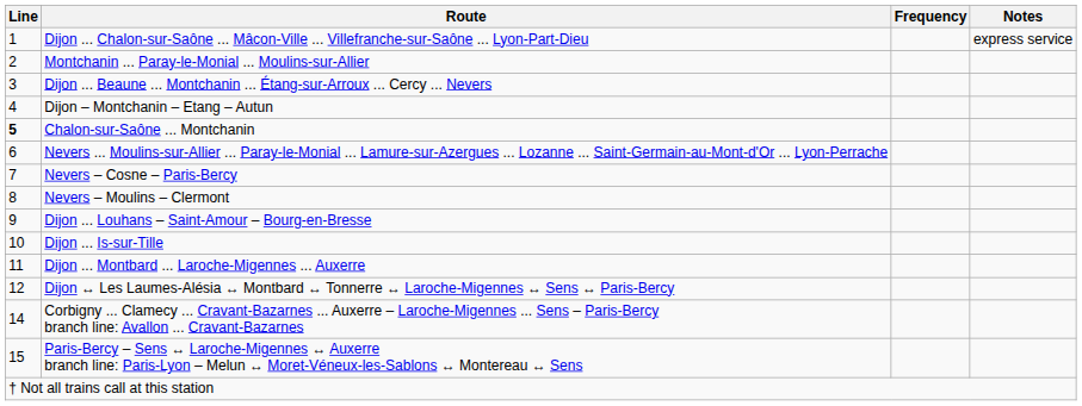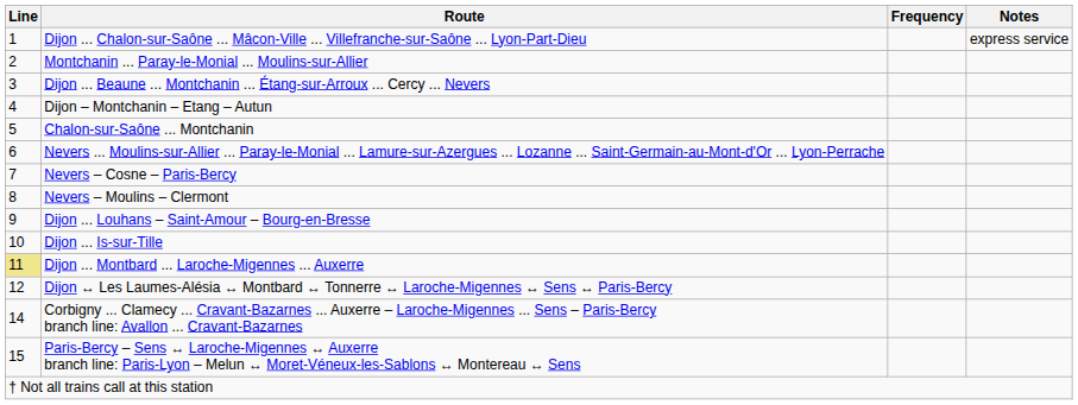 <table class="wikitable vatop">
 <tr>
 <th>Line</th>
 <th>Route</th>
 <th>Frequency</th>
 <th>Notes</th>
 </tr>
 <tr>
 <td>1</td>
 <td><a href='#'>Dijon</a> ... <a href='#'>Chalon-sur-Saône</a> ... <a href='#'>Mâcon-Ville</a> ... <a href='#'>Villefranche-sur-Saône</a> ... <a href='#'>Lyon-Part-Dieu</a></td>
 <td></td>
 <td>express service</td>
 </tr>
 <tr>
 <td>2</td>
 <td><a href='#'>Montchanin</a> ... <a href='#'>Paray-le-Monial</a> ... <a href='#'>Moulins-sur-Allier</a></td>
 <td></td>
 <td></td>
 </tr>
 <tr>
 <td>3</td>
 <td><a href='#'>Dijon</a> ... <a href='#'>Beaune</a> ... <a href='#'>Montchanin</a> ... <a href='#'>Étang-sur-Arroux</a> ... Cercy ... <a href='#'>Nevers</a></td>
 <td></td>
 <td></td>
 </tr>
 <tr>
 <td>4</td>
 <td>Dijon – Montchanin – Etang – Autun</td>
 <td></td>
 <td></td>
 </tr>
 <tr>
-<td><strong>5</strong></td>
+<td>5</td>
 <td><a href='#'>Chalon-sur-Saône</a> ... Montchanin</td>
 <td></td>
 <td></td>
 </tr>
 <tr>
 <td>6</td>
 <td><a href='#'>Nevers</a> ... <a href='#'>Moulins-sur-Allier</a> ... <a href='#'>Paray-le-Monial</a> ... <a href='#'>Lamure-sur-Azergues</a> ... <a href='#'>Lozanne</a> ... <a href='#'>Saint-Germain-au-Mont-d'Or</a> ... <a href='#'>Lyon-Perrache</a></td>
 <td></td>
 <td></td>
 </tr>
 <tr>
 <td>7</td>
 <td><a href='#'>Nevers</a> – Cosne – <a href='#'>Paris-Bercy</a></td>
 <td></td>
 <td></td>
 </tr>
 <tr>
 <td>8</td>
 <td><a href='#'>Nevers</a> – Moulins – Clermont</td>
 <td></td>
 <td></td>
 </tr>
 <tr>
 <td>9</td>
 <td><a href='#'>Dijon</a> ... <a href='#'>Louhans</a> – <a href='#'>Saint-Amour</a> – <a href='#'>Bourg-en-Bresse</a></td>
 <td></td>
 <td></td>
 </tr>
 <tr>
 <td>10</td>
 <td><a href='#'>Dijon</a> ... <a href='#'>Is-sur-Tille</a></td>
 <td></td>
 <td></td>
 </tr>
 <tr>
-<td>11</td>
+<td style="background: khaki;">11</td>
 <td><a href='#'>Dijon</a> ... <a href='#'>Montbard</a> ... <a href='#'>Laroche-Migennes</a> ... <a href='#'>Auxerre</a></td>
 <td></td>
 <td></td>
 </tr>
 <tr>
 <td>12</td>
 <td><a href='#'>Dijon</a> ↔ Les Laumes-Alésia ↔ Montbard ↔ Tonnerre ↔ <a href='#'>Laroche-Migennes</a> ↔ <a href='#'>Sens</a> ↔ <a href='#'>Paris-Bercy</a></td>
 <td></td>
 <td></td>
 </tr>
 <tr>
 <td>14</td>
 <td>Corbigny ... Clamecy ... <a href='#'>Cravant-Bazarnes</a> ... Auxerre – <a href='#'>Laroche-Migennes</a> ... <a href='#'>Sens</a> – <a href='#'>Paris-Bercy</a><br>branch line: <a href='#'>Avallon</a> ... <a href='#'>Cravant-Bazarnes</a></td>
 <td></td>
 <td></td>
 </tr>
 <tr>
 <td>15</td>
 <td><a href='#'>Paris-Bercy</a> – <a href='#'>Sens</a> ↔ <a href='#'>Laroche-Migennes</a> ↔ <a href='#'>Auxerre</a><br>branch line: <a href='#'>Paris-Lyon</a> – Melun ↔ <a href='#'>Moret-Véneux-les-Sablons</a> ↔ Montereau ↔ <a href='#'>Sens</a></td>
 <td></td>
 <td></td>
 </tr>
 <tr>
 <td colspan=4>† Not all trains call at this station</td>
 </tr>
 </table>
